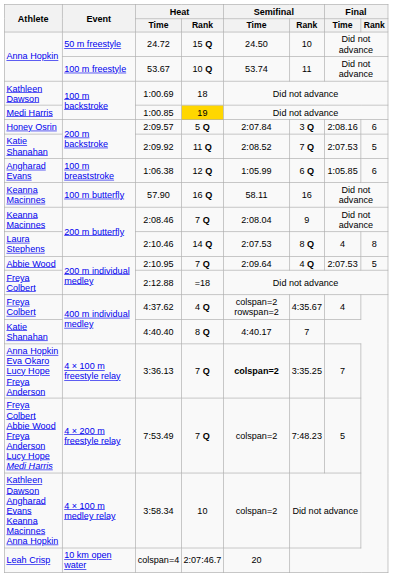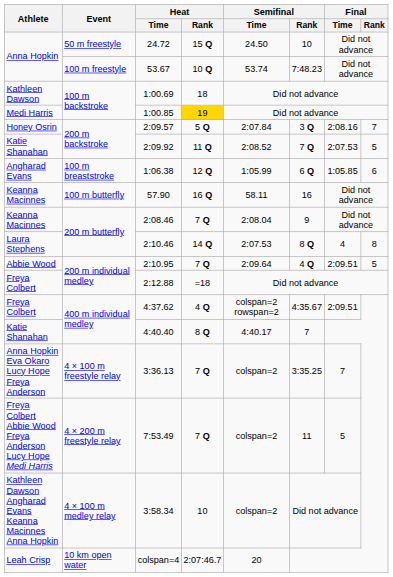 <table class=wikitable style="font-size:90%;">
 <tr>
 <th rowspan=2>Athlete</th>
 <th rowspan=2>Event</th>
 <th colspan=2>Heat</th>
 <th colspan=2>Semifinal</th>
 <th colspan=2>Final</th>
 </tr>
 <tr style="font-size:95%">
 <th>Time</th>
 <th>Rank</th>
 <th>Time</th>
 <th>Rank</th>
 <th>Time</th>
 <th>Rank</th>
 </tr>
 <tr align=center>
 <td rowspan="2" align="left"><a href='#'>Anna Hopkin</a></td>
 <td align="left"><a href='#'>50 m freestyle</a></td>
 <td>24.72</td>
 <td>15 <strong>Q</strong></td>
 <td>24.50</td>
 <td>10</td>
 <td colspan=2>Did not advance</td>
 </tr>
 <tr align="center">
 <td align="left"><a href='#'>100 m freestyle</a></td>
 <td>53.67</td>
 <td>10 <strong>Q</strong></td>
 <td>53.74</td>
-<td>11</td>
+<td>7:48.23</td>
 <td colspan=2>Did not advance</td>
 </tr>
 <tr align=center>
 <td align=left><a href='#'>Kathleen Dawson</a></td>
 <td align=left rowspan=2><a href='#'>100 m backstroke</a></td>
 <td>1:00.69</td>
 <td>18</td>
 <td colspan="4">Did not advance</td>
 </tr>
 <tr align=center>
 <td align=left><a href='#'>Medi Harris</a></td>
 <td>1:00.85</td>
 <td style="background: gold;">19</td>
 <td colspan="4">Did not advance</td>
 </tr>
 <tr align=center>
 <td align=left><a href='#'>Honey Osrin</a></td>
 <td align=left rowspan=2><a href='#'>200 m backstroke</a></td>
 <td>2:09.57</td>
 <td>5 <strong>Q</strong></td>
 <td>2:07.84</td>
 <td>3 <strong>Q</strong></td>
 <td>2:08.16</td>
-<td>6</td>
+<td>7</td>
 </tr>
 <tr align=center>
 <td align=left><a href='#'>Katie Shanahan</a></td>
 <td>2:09.92</td>
 <td>11 <strong>Q</strong></td>
 <td>2:08.52</td>
 <td>7 <strong>Q</strong></td>
 <td>2:07.53</td>
 <td>5</td>
 </tr>
 <tr align=center>
 <td align=left><a href='#'>Angharad Evans</a></td>
 <td align=left><a href='#'>100 m breaststroke</a></td>
 <td>1:06.38</td>
 <td>12 <strong>Q</strong></td>
 <td>1:05.99</td>
 <td>6 <strong>Q</strong></td>
 <td>1:05.85</td>
 <td>6</td>
 </tr>
 <tr align=center>
 <td align=left><a href='#'>Keanna Macinnes</a></td>
 <td align="left"><a href='#'>100 m butterfly</a></td>
 <td>57.90</td>
 <td>16 <strong>Q</strong></td>
 <td>58.11</td>
 <td>16</td>
 <td colspan=2>Did not advance</td>
 </tr>
 <tr align=center>
 <td align=left><a href='#'>Keanna Macinnes</a></td>
 <td align=left rowspan=2><a href='#'>200 m butterfly</a></td>
 <td>2:08.46</td>
 <td>7 <strong>Q</strong></td>
 <td>2:08.04</td>
 <td>9</td>
 <td colspan=2>Did not advance</td>
 </tr>
 <tr align=center>
 <td align=left><a href='#'>Laura Stephens</a></td>
 <td>2:10.46</td>
 <td>14 <strong>Q</strong></td>
 <td>2:07.53</td>
 <td>8 <strong>Q</strong></td>
 <td>4</td>
 <td>8</td>
 </tr>
 <tr align=center>
 <td align=left><a href='#'>Abbie Wood</a></td>
 <td align=left rowspan=2><a href='#'>200 m individual medley</a></td>
 <td>2:10.95</td>
 <td>7 <strong>Q</strong></td>
 <td>2:09.64</td>
 <td>4 <strong>Q</strong></td>
-<td>2:07.53</td>
+<td>2:09.51</td>
 <td>5</td>
 </tr>
 <tr align=center>
 <td align=left><a href='#'>Freya Colbert</a></td>
 <td>2:12.88</td>
 <td>=18</td>
 <td colspan=4>Did not advance</td>
 </tr>
 <tr align=center>
 <td align=left><a href='#'>Freya Colbert</a></td>
 <td align=left rowspan=2><a href='#'>400 m individual medley</a></td>
 <td>4:37.62</td>
 <td>4 <strong>Q</strong></td>
 <td>colspan=2 rowspan=2 </td>
 <td>4:35.67</td>
-<td>4</td>
+<td>2:09.51</td>
 </tr>
 <tr align=center>
 <td align=left><a href='#'>Katie Shanahan</a></td>
 <td>4:40.40</td>
 <td>8 <strong>Q</strong></td>
 <td>4:40.17</td>
 <td>7</td>
 </tr>
 <tr align=center>
 <td align=left><a href='#'>Anna Hopkin</a><br><a href='#'>Eva Okaro</a><br><a href='#'>Lucy Hope</a><br><a href='#'>Freya Anderson</a></td>
 <td align=left><a href='#'>4 × 100 m freestyle relay</a></td>
 <td>3:36.13</td>
 <td>7 <strong>Q</strong></td>
-<td><strong>colspan=2 </strong></td>
+<td>colspan=2 </td>
 <td>3:35.25</td>
 <td>7</td>
 </tr>
 <tr align=center>
 <td align=left><a href='#'>Freya Colbert</a><br><a href='#'>Abbie Wood</a><br><a href='#'>Freya Anderson</a><br><a href='#'>Lucy Hope</a><br><em><a href='#'>Medi Harris</a></em></td>
 <td align=left><a href='#'>4 × 200 m freestyle relay</a></td>
 <td>7:53.49</td>
 <td>7 <strong>Q</strong></td>
 <td>colspan=2 </td>
-<td>7:48.23</td>
+<td>11</td>
 <td>5</td>
 </tr>
 <tr align=center>
 <td align=left><a href='#'>Kathleen Dawson</a><br><a href='#'>Angharad Evans</a><br><a href='#'>Keanna Macinnes</a><br><a href='#'>Anna Hopkin</a></td>
 <td align=left><a href='#'>4 × 100 m medley relay</a></td>
 <td>3:58.34</td>
 <td>10</td>
 <td>colspan=2 </td>
 <td colspan="2">Did not advance</td>
 </tr>
 <tr align=center>
 <td align=left><a href='#'>Leah Crisp</a></td>
 <td align=left><a href='#'>10 km open water</a></td>
 <td>colspan=4 </td>
 <td>2:07:46.7</td>
 <td>20</td>
 </tr>
 </table>
